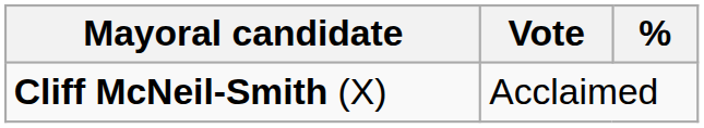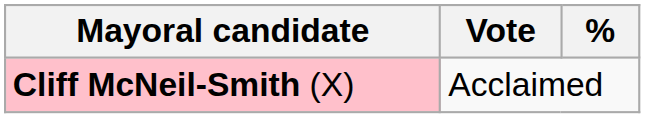 <table class="wikitable">
 <tr>
 <th width="200px">Mayoral candidate</th>
 <th width="50px">Vote</th>
 <th width="30px">%</th>
 </tr>
 <tr>
-<td><strong>Cliff McNeil-Smith</strong> (X) </td>
+<td style="background: pink;"><strong>Cliff McNeil-Smith</strong> (X) </td>
 <td colspan="2">Acclaimed</td>
 </tr>
 </table>
